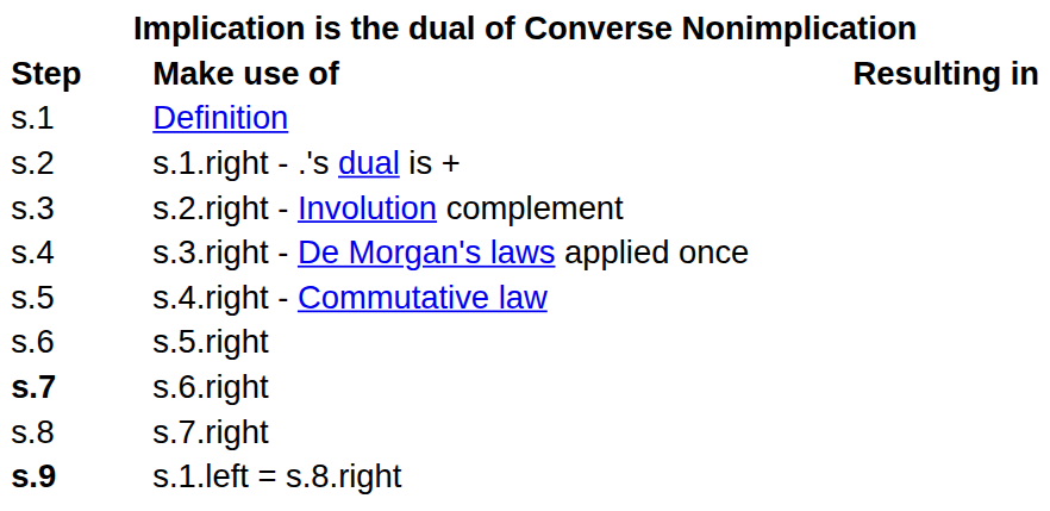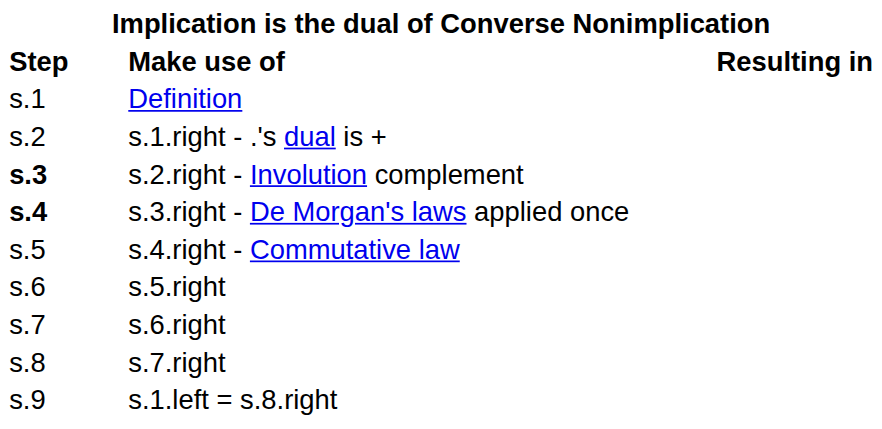 <table style="background-color:white;">
 <tr>
 <th colspan="5">Implication is the dual of Converse Nonimplication</th>
 </tr>
 <tr>
 <th style="padding-right: 2em;">Step</th>
 <th style="text-align: left; padding-right: 3em;">Make use of</th>
 <th colspan="3">Resulting in</th>
 </tr>
 <tr>
 <td>s.1</td>
 <td><a href='#'>Definition</a></td>
 <td></td>
 <td></td>
 <td></td>
 </tr>
 <tr>
 <td>s.2</td>
 <td>s.1.right - .'s <a href='#'>dual</a> is +</td>
 <td></td>
 <td></td>
 <td></td>
 </tr>
 <tr>
-<td>s.3</td>
+<td><strong>s.3</strong></td>
 <td>s.2.right - <a href='#'>Involution</a> complement</td>
 <td></td>
 <td></td>
 <td></td>
 </tr>
 <tr>
-<td>s.4</td>
+<td><strong>s.4</strong></td>
 <td style="padding-right: 3em;">s.3.right - <a href='#'>De Morgan's laws</a> applied once</td>
 <td></td>
 <td></td>
 <td></td>
 </tr>
 <tr>
 <td>s.5</td>
 <td>s.4.right - <a href='#'> Commutative law</a></td>
 <td></td>
 <td></td>
 <td></td>
 </tr>
 <tr>
 <td>s.6</td>
 <td>s.5.right</td>
 <td></td>
 <td></td>
 <td></td>
 </tr>
 <tr>
-<td><strong>s.7</strong></td>
+<td>s.7</td>
 <td>s.6.right</td>
 <td></td>
 <td></td>
 <td></td>
 </tr>
 <tr>
 <td>s.8</td>
 <td>s.7.right</td>
 <td></td>
 <td></td>
 <td></td>
 </tr>
 <tr>
-<td><strong>s.9</strong></td>
+<td>s.9</td>
 <td>s.1.left = s.8.right</td>
 <td colspan="3"></td>
 </tr>
 <tr>
 </tr>
 </table>
